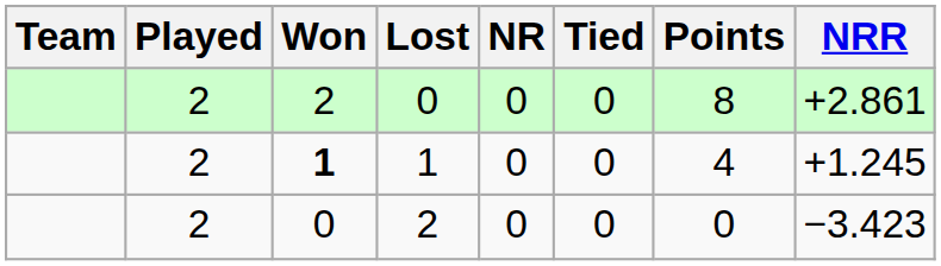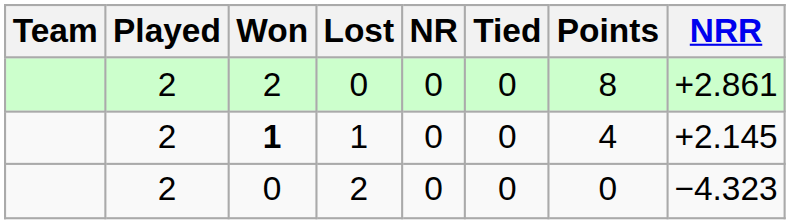 <table class="wikitable" style="text-align:center">
 <tr>
 <th>Team</th>
 <th>Played</th>
 <th>Won</th>
 <th>Lost</th>
 <th>NR</th>
 <th>Tied</th>
 <th>Points</th>
 <th><a href='#'>NRR</a></th>
 </tr>
 <tr style="background:#ccffcc">
 <td></td>
 <td>2</td>
 <td>2</td>
 <td>0</td>
 <td>0</td>
 <td>0</td>
 <td>8</td>
 <td>+2.861</td>
 </tr>
 <tr>
 <td></td>
 <td>2</td>
 <td><strong>1</strong></td>
 <td>1</td>
 <td>0</td>
 <td>0</td>
 <td>4</td>
-<td>+1.245</td>
+<td>+2.145</td>
 </tr>
 <tr>
 <td></td>
 <td>2</td>
 <td>0</td>
 <td>2</td>
 <td>0</td>
 <td>0</td>
 <td>0</td>
-<td>−3.423</td>
+<td>−4.323</td>
 </tr>
 </table>
